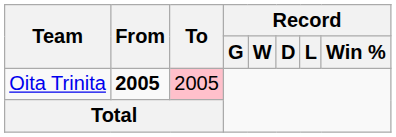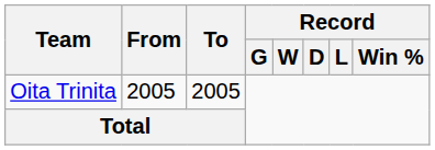 <table class="wikitable" style="text-align: center">
 <tr>
 <th rowspan="2">Team</th>
 <th rowspan="2">From</th>
 <th rowspan="2">To</th>
 <th colspan="5">Record</th>
 </tr>
 <tr>
 <th>G</th>
 <th>W</th>
 <th>D</th>
 <th>L</th>
 <th>Win %</th>
 </tr>
 <tr>
 <td align="left"><a href='#'>Oita Trinita</a></td>
-<td align="left"><strong>2005</strong></td>
-<td align="left" style="background: pink;">2005<br></td>
+<td align="left">2005</td>
+<td align="left">2005<br></td>
 </tr>
 <tr>
 <th colspan="3">Total<br></th>
 </tr>
 </table>
